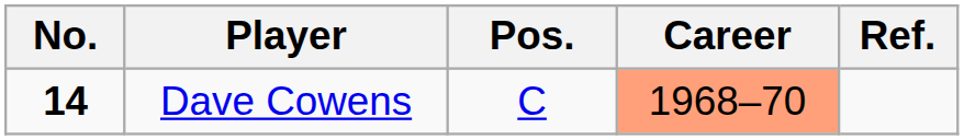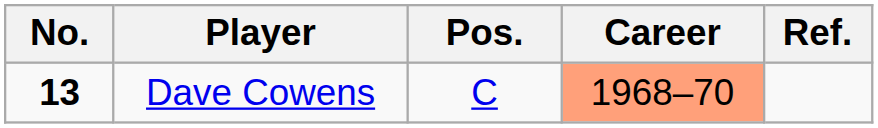 <table class="wikitable" style="text-align:center">
 <tr>
 <th width=40px>No.</th>
 <th width=120px>Player</th>
 <th width=60px>Pos.</th>
 <th width=80px>Career</th>
 <th width=40px>Ref.</th>
 </tr>
 <tr>
-<td><strong>14</strong></td>
+<td><strong>13</strong></td>
 <td><a href='#'>Dave Cowens</a></td>
 <td><a href='#'>C</a></td>
 <td style="background: lightsalmon;">1968–70</td>
 <td></td>
 </tr>
 </table>
